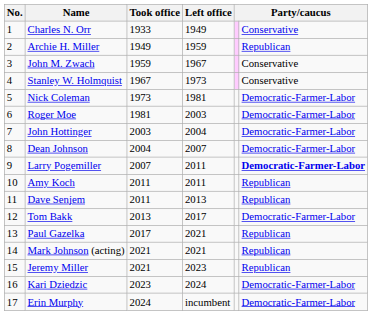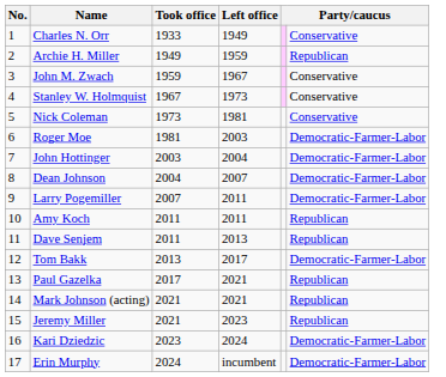 <table class="wikitable sortable">
 <tr>
 <th>No.</th>
 <th>Name</th>
 <th>Took office</th>
 <th>Left office</th>
 <th colspan="2">Party/caucus</th>
 </tr>
 <tr>
 <td>1</td>
 <td><a href='#'>Charles N. Orr</a></td>
 <td>1933</td>
 <td>1949</td>
 <td bgcolor="#FFCCFF"></td>
 <td><a href='#'>Conservative</a></td>
 </tr>
 <tr>
 <td>2</td>
 <td><a href='#'>Archie H. Miller</a></td>
 <td>1949</td>
 <td>1959</td>
 <td bgcolor="#FFCCFF"></td>
 <td><a href='#'>Republican</a></td>
 </tr>
 <tr>
 <td>3</td>
 <td><a href='#'>John M. Zwach</a></td>
 <td>1959</td>
 <td>1967</td>
 <td bgcolor="#FFCCFF"></td>
 <td>Conservative</td>
 </tr>
 <tr>
 <td>4</td>
 <td><a href='#'>Stanley W. Holmquist</a></td>
 <td>1967</td>
 <td>1973</td>
 <td bgcolor="#FFCCFF"></td>
 <td>Conservative</td>
 </tr>
 <tr>
 <td>5</td>
 <td><a href='#'>Nick Coleman</a></td>
 <td>1973</td>
 <td>1981</td>
 <td style="background:"></td>
-<td><a href='#'>Democratic-Farmer-Labor</a></td>
+<td><a href='#'>Conservative</a></td>
 </tr>
 <tr>
 <td>6</td>
 <td><a href='#'>Roger Moe</a></td>
 <td>1981</td>
 <td>2003</td>
 <td style="background:"></td>
 <td><a href='#'>Democratic-Farmer-Labor</a></td>
 </tr>
 <tr>
 <td>7</td>
 <td><a href='#'>John Hottinger</a></td>
 <td>2003</td>
 <td>2004</td>
 <td style="background:"></td>
 <td><a href='#'>Democratic-Farmer-Labor</a></td>
 </tr>
 <tr>
 <td>8</td>
 <td><a href='#'>Dean Johnson</a></td>
 <td>2004</td>
 <td>2007</td>
 <td style="background:"></td>
 <td><a href='#'>Democratic-Farmer-Labor</a></td>
 </tr>
 <tr>
 <td>9</td>
 <td><a href='#'>Larry Pogemiller</a></td>
 <td>2007</td>
 <td>2011</td>
 <td style="background:"></td>
-<td><strong><a href='#'>Democratic-Farmer-Labor</a></strong></td>
+<td><a href='#'>Democratic-Farmer-Labor</a></td>
 </tr>
 <tr>
 <td>10</td>
 <td><a href='#'>Amy Koch</a></td>
 <td>2011</td>
 <td>2011</td>
 <td style="background:"></td>
 <td><a href='#'>Republican</a></td>
 </tr>
 <tr>
 <td>11</td>
 <td><a href='#'>Dave Senjem</a></td>
 <td>2011</td>
 <td>2013</td>
 <td style="background:"></td>
 <td><a href='#'>Republican</a></td>
 </tr>
 <tr>
 <td>12</td>
 <td><a href='#'>Tom Bakk</a></td>
 <td>2013</td>
 <td>2017</td>
 <td style="background:"></td>
 <td><a href='#'>Democratic-Farmer-Labor</a></td>
 </tr>
 <tr>
 <td>13</td>
 <td><a href='#'>Paul Gazelka</a></td>
 <td>2017</td>
 <td>2021</td>
 <td style="background:"></td>
 <td><a href='#'>Republican</a></td>
 </tr>
 <tr>
 <td>14</td>
 <td><a href='#'>Mark Johnson</a> (acting)</td>
 <td>2021</td>
 <td>2021</td>
 <td style="background:"></td>
 <td><a href='#'>Republican</a></td>
 </tr>
 <tr>
 <td>15</td>
 <td><a href='#'>Jeremy Miller</a></td>
 <td>2021</td>
 <td>2023</td>
 <td style="background:"></td>
 <td><a href='#'>Republican</a></td>
 </tr>
 <tr>
 <td>16</td>
 <td><a href='#'>Kari Dziedzic</a></td>
 <td>2023</td>
 <td>2024</td>
 <td style="background:"></td>
 <td><a href='#'>Democratic-Farmer-Labor</a></td>
 </tr>
 <tr>
 <td>17</td>
 <td><a href='#'>Erin Murphy</a></td>
 <td>2024</td>
 <td>incumbent</td>
 <td style="background:"></td>
 <td><a href='#'>Democratic-Farmer-Labor</a></td>
 </tr>
 </table>
